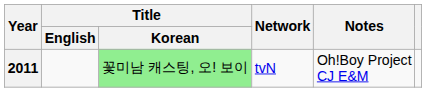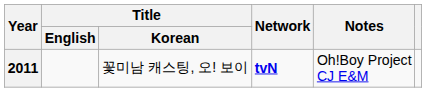 <table class="wikitable plainrowheaders">
 <tr>
 <th rowspan="2" scope="col">Year</th>
 <th colspan="2" scope="col">Title</th>
 <th rowspan="2" scope="col">Network</th>
 <th rowspan="2" scope="col" class="unsortable">Notes</th>
 <th rowspan="2" scope="col" class="unsortable"></th>
 </tr>
 <tr>
 <th>English</th>
 <th>Korean</th>
 </tr>
 <tr>
 <th scope="row">2011</th>
 <td><em></em></td>
-<td style="background: lightgreen;">꽃미남 캐스팅, 오! 보이</td>
-<td><a href='#'>tvN</a></td>
+<td>꽃미남 캐스팅, 오! 보이</td>
+<td><strong><a href='#'>tvN</a></strong></td>
 <td>Oh!Boy Project<br><a href='#'>CJ E&M</a></td>
 <td></td>
 </tr>
 </table>
